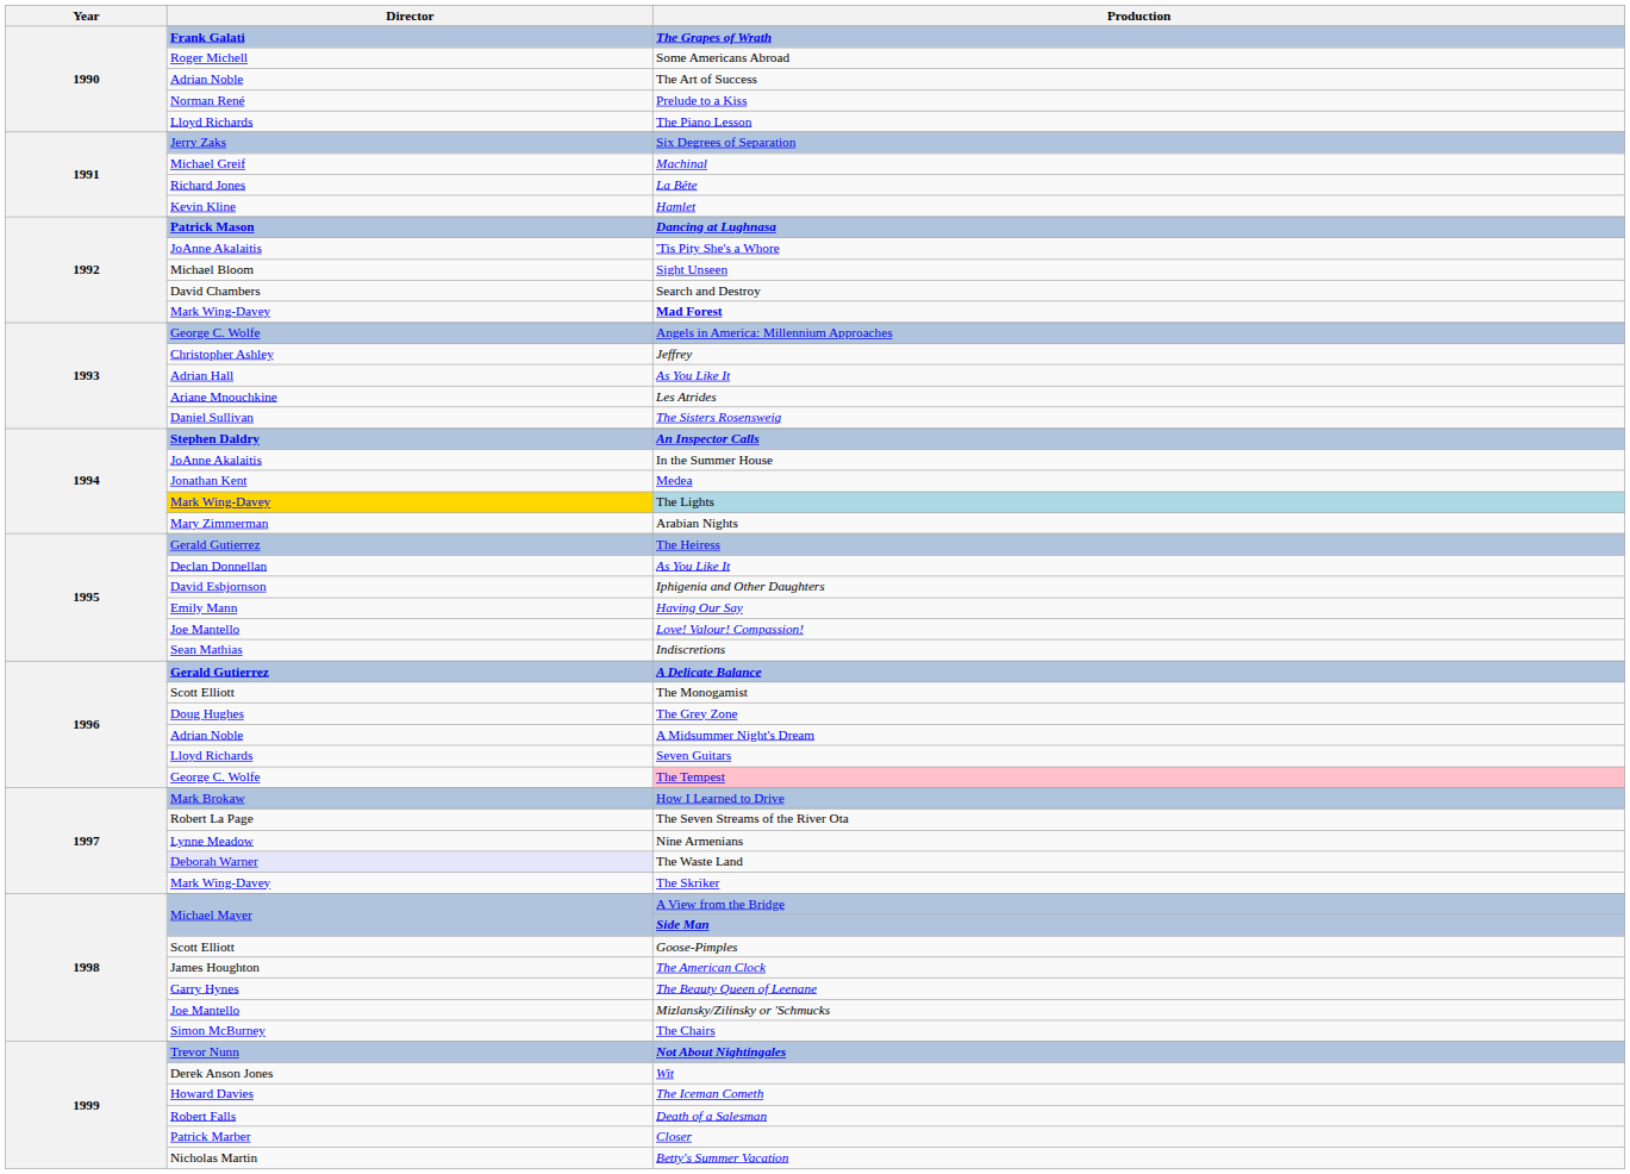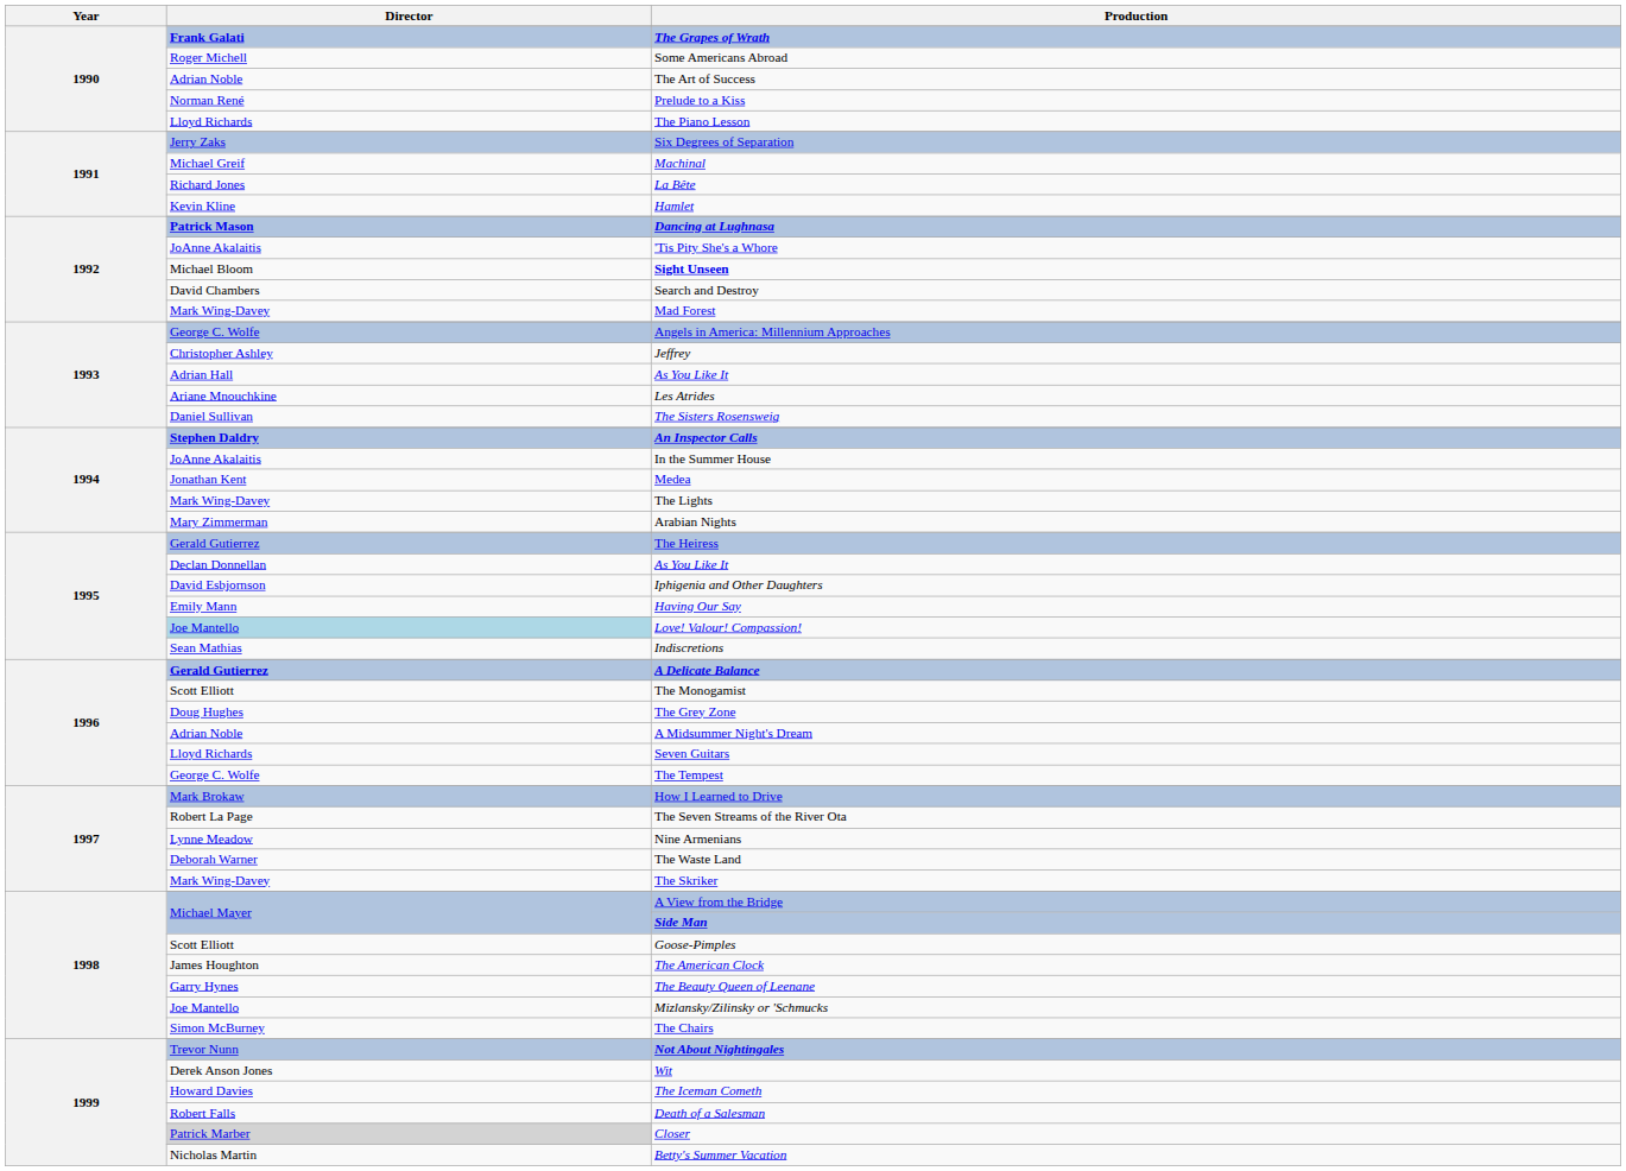 <table class="wikitable" style="width:98%;">
 <tr style="background:#bebebe;">
 <th style="width:10%;">Year</th>
 <th style="width:30%;">Director</th>
 <th style="width:60%;">Production</th>
 </tr>
 <tr>
 <th rowspan="6" align="center">1990</th>
 </tr>
 <tr style="background:#B0C4DE">
 <td><strong><a href='#'>Frank Galati</a></strong></td>
 <td><strong><em><a href='#'>The Grapes of Wrath</a><em> <strong></td>
 </tr>
 <tr>
 <td><a href='#'>Roger Michell</a></td>
 <td></em>Some Americans Abroad<em></td>
 </tr>
 <tr>
 <td><a href='#'>Adrian Noble</a></td>
 <td></em>The Art of Success<em></td>
 </tr>
 <tr>
 <td><a href='#'>Norman René</a></td>
 <td></em><a href='#'>Prelude to a Kiss</a><em></td>
 </tr>
 <tr>
 <td><a href='#'>Lloyd Richards</a></td>
 <td></em><a href='#'>The Piano Lesson</a><em></td>
 </tr>
 <tr>
 <th rowspan="5" align="center">1991</th>
 </tr>
 <tr style="background:#B0C4DE">
 <td></strong><a href='#'>Jerry Zaks</a><strong></td>
 <td></em></strong><a href='#'>Six Degrees of Separation</a></em> </strong></td>
 </tr>
 <tr>
 <td><a href='#'>Michael Greif</a></td>
 <td><em><a href='#'>Machinal</a></em></td>
 </tr>
 <tr>
 <td><a href='#'>Richard Jones</a></td>
 <td><em><a href='#'>La Bête</a></em></td>
 </tr>
 <tr>
 <td><a href='#'>Kevin Kline</a></td>
 <td><em><a href='#'>Hamlet</a></em></td>
 </tr>
 <tr>
 <th rowspan="6" align="center">1992</th>
 </tr>
 <tr style="background:#B0C4DE">
 <td><strong><a href='#'>Patrick Mason</a></strong></td>
 <td><strong><em><a href='#'>Dancing at Lughnasa</a><em> <strong></td>
 </tr>
 <tr>
 <td><a href='#'>JoAnne Akalaitis</a></td>
 <td></em><a href='#'>'Tis Pity She's a Whore</a><em></td>
 </tr>
 <tr>
 <td>Michael Bloom</td>
-<td></em><a href='#'>Sight Unseen</a><em></td>
+<td><strong></em><a href='#'>Sight Unseen</a><em></strong></td>
 </tr>
 <tr>
 <td>David Chambers</td>
 <td></em>Search and Destroy<em></td>
 </tr>
 <tr>
 <td><a href='#'>Mark Wing-Davey</a></td>
-<td><strong></em><a href='#'>Mad Forest</a><em></strong></td>
+<td></em><a href='#'>Mad Forest</a><em></td>
 </tr>
 <tr>
 <th rowspan="6" align="center">1993</th>
 </tr>
 <tr style="background:#B0C4DE">
 <td></strong><a href='#'>George C. Wolfe</a><strong></td>
 <td></em></strong><a href='#'>Angels in America: Millennium Approaches</a></em> </strong></td>
 </tr>
 <tr>
 <td><a href='#'>Christopher Ashley</a></td>
 <td><em>Jeffrey</em></td>
 </tr>
 <tr>
 <td><a href='#'>Adrian Hall</a></td>
 <td><em><a href='#'>As You Like It</a></em></td>
 </tr>
 <tr>
 <td><a href='#'>Ariane Mnouchkine</a></td>
 <td><em>Les Atrides</em></td>
 </tr>
 <tr>
 <td><a href='#'>Daniel Sullivan</a></td>
 <td><em><a href='#'>The Sisters Rosensweig</a></em></td>
 </tr>
 <tr>
 <th rowspan="6" align="center">1994</th>
 </tr>
 <tr style="background:#B0C4DE">
 <td><strong><a href='#'>Stephen Daldry</a></strong></td>
 <td><strong><em><a href='#'>An Inspector Calls</a><em> <strong></td>
 </tr>
 <tr>
 <td><a href='#'>JoAnne Akalaitis</a></td>
 <td></em>In the Summer House<em></td>
 </tr>
 <tr>
 <td><a href='#'>Jonathan Kent</a></td>
 <td></em><a href='#'>Medea</a><em></td>
 </tr>
 <tr>
-<td style="background: gold;"><a href='#'>Mark Wing-Davey</a></td>
-<td style="background: lightblue;"></em>The Lights<em></td>
+<td><a href='#'>Mark Wing-Davey</a></td>
+<td></em>The Lights<em></td>
 </tr>
 <tr>
 <td><a href='#'>Mary Zimmerman</a></td>
 <td></em>Arabian Nights<em></td>
 </tr>
 <tr>
 <th rowspan="7" align="center">1995</th>
 </tr>
 <tr style="background:#B0C4DE">
 <td></strong><a href='#'>Gerald Gutierrez</a><strong></td>
 <td></em></strong><a href='#'>The Heiress</a></em> </strong></td>
 </tr>
 <tr>
 <td><a href='#'>Declan Donnellan</a></td>
 <td><em><a href='#'>As You Like It</a></em></td>
 </tr>
 <tr>
 <td><a href='#'>David Esbjornson</a></td>
 <td><em>Iphigenia and Other Daughters</em></td>
 </tr>
 <tr>
 <td><a href='#'>Emily Mann</a></td>
 <td><em><a href='#'>Having Our Say</a></em></td>
 </tr>
 <tr>
-<td><a href='#'>Joe Mantello</a></td>
+<td style="background: lightblue;"><a href='#'>Joe Mantello</a></td>
 <td><em><a href='#'>Love! Valour! Compassion!</a></em></td>
 </tr>
 <tr>
 <td><a href='#'>Sean Mathias</a></td>
 <td><em>Indiscretions</em></td>
 </tr>
 <tr>
 <th rowspan="7" align="center">1996</th>
 </tr>
 <tr style="background:#B0C4DE">
 <td><strong><a href='#'>Gerald Gutierrez</a></strong></td>
 <td><strong><em><a href='#'>A Delicate Balance</a><em> <strong></td>
 </tr>
 <tr>
 <td>Scott Elliott</td>
 <td></em>The Monogamist<em></td>
 </tr>
 <tr>
 <td><a href='#'>Doug Hughes</a></td>
 <td></em><a href='#'>The Grey Zone</a><em></td>
 </tr>
 <tr>
 <td><a href='#'>Adrian Noble</a></td>
 <td></em><a href='#'>A Midsummer Night's Dream</a><em></td>
 </tr>
 <tr>
 <td><a href='#'>Lloyd Richards</a></td>
 <td></em><a href='#'>Seven Guitars</a><em></td>
 </tr>
 <tr>
 <td><a href='#'>George C. Wolfe</a></td>
-<td style="background: pink;"></em><a href='#'>The Tempest</a><em></td>
+<td></em><a href='#'>The Tempest</a><em></td>
 </tr>
 <tr>
 <th rowspan="6" align="center">1997</th>
 </tr>
 <tr style="background:#B0C4DE">
 <td></strong><a href='#'>Mark Brokaw</a><strong></td>
 <td></em></strong><a href='#'>How I Learned to Drive</a><strong><em></td>
 </tr>
 <tr>
 <td>Robert La Page</td>
 <td></em>The Seven Streams of the River Ota<em></td>
 </tr>
 <tr>
 <td><a href='#'>Lynne Meadow</a></td>
 <td></em>Nine Armenians<em></td>
 </tr>
 <tr>
-<td style="background: lavender;"><a href='#'>Deborah Warner</a></td>
+<td><a href='#'>Deborah Warner</a></td>
 <td></em>The Waste Land<em></td>
 </tr>
 <tr>
 <td><a href='#'>Mark Wing-Davey</a></td>
 <td></em><a href='#'>The Skriker</a><em></td>
 </tr>
 <tr>
 <th rowspan="8" align="center">1998</th>
 </tr>
 <tr style="background:#B0C4DE">
 <td rowspan="2"></strong><a href='#'>Michael Mayer</a><strong></td>
 <td></em></strong><a href='#'>A View from the Bridge</a></em> </strong></td>
 </tr>
 <tr style="background:#B0C4DE">
 <td><strong><em><a href='#'>Side Man</a></em></strong></td>
 </tr>
 <tr>
 <td>Scott Elliott</td>
 <td><em>Goose-Pimples</em></td>
 </tr>
 <tr>
 <td>James Houghton</td>
 <td><em><a href='#'>The American Clock</a></em></td>
 </tr>
 <tr>
 <td><a href='#'>Garry Hynes</a></td>
 <td><em><a href='#'>The Beauty Queen of Leenane</a></em></td>
 </tr>
 <tr>
 <td><a href='#'>Joe Mantello</a></td>
 <td><em>Mizlansky/Zilinsky or 'Schmucks<strong></td>
 </tr>
 <tr>
 <td><a href='#'>Simon McBurney</a></td>
 <td></em><a href='#'>The Chairs</a><em></td>
 </tr>
 <tr>
 <th rowspan="7" align="center">1999</th>
 </tr>
 <tr style="background:#B0C4DE">
 <td></strong><a href='#'>Trevor Nunn</a><strong></td>
 <td><strong><em><a href='#'>Not About Nightingales</a></em> </strong></td>
 </tr>
 <tr>
 <td>Derek Anson Jones</td>
 <td><em><a href='#'>Wit</a></em></td>
 </tr>
 <tr>
 <td><a href='#'>Howard Davies</a></td>
 <td><em><a href='#'>The Iceman Cometh</a></em></td>
 </tr>
 <tr>
 <td><a href='#'>Robert Falls</a></td>
 <td><em><a href='#'>Death of a Salesman</a></em></td>
 </tr>
 <tr>
-<td><a href='#'>Patrick Marber</a></td>
+<td style="background: lightgrey;"><a href='#'>Patrick Marber</a></td>
 <td><em><a href='#'>Closer</a></em></td>
 </tr>
 <tr>
 <td>Nicholas Martin</td>
 <td><em><a href='#'>Betty's Summer Vacation</a></em></td>
 </tr>
 </table>
